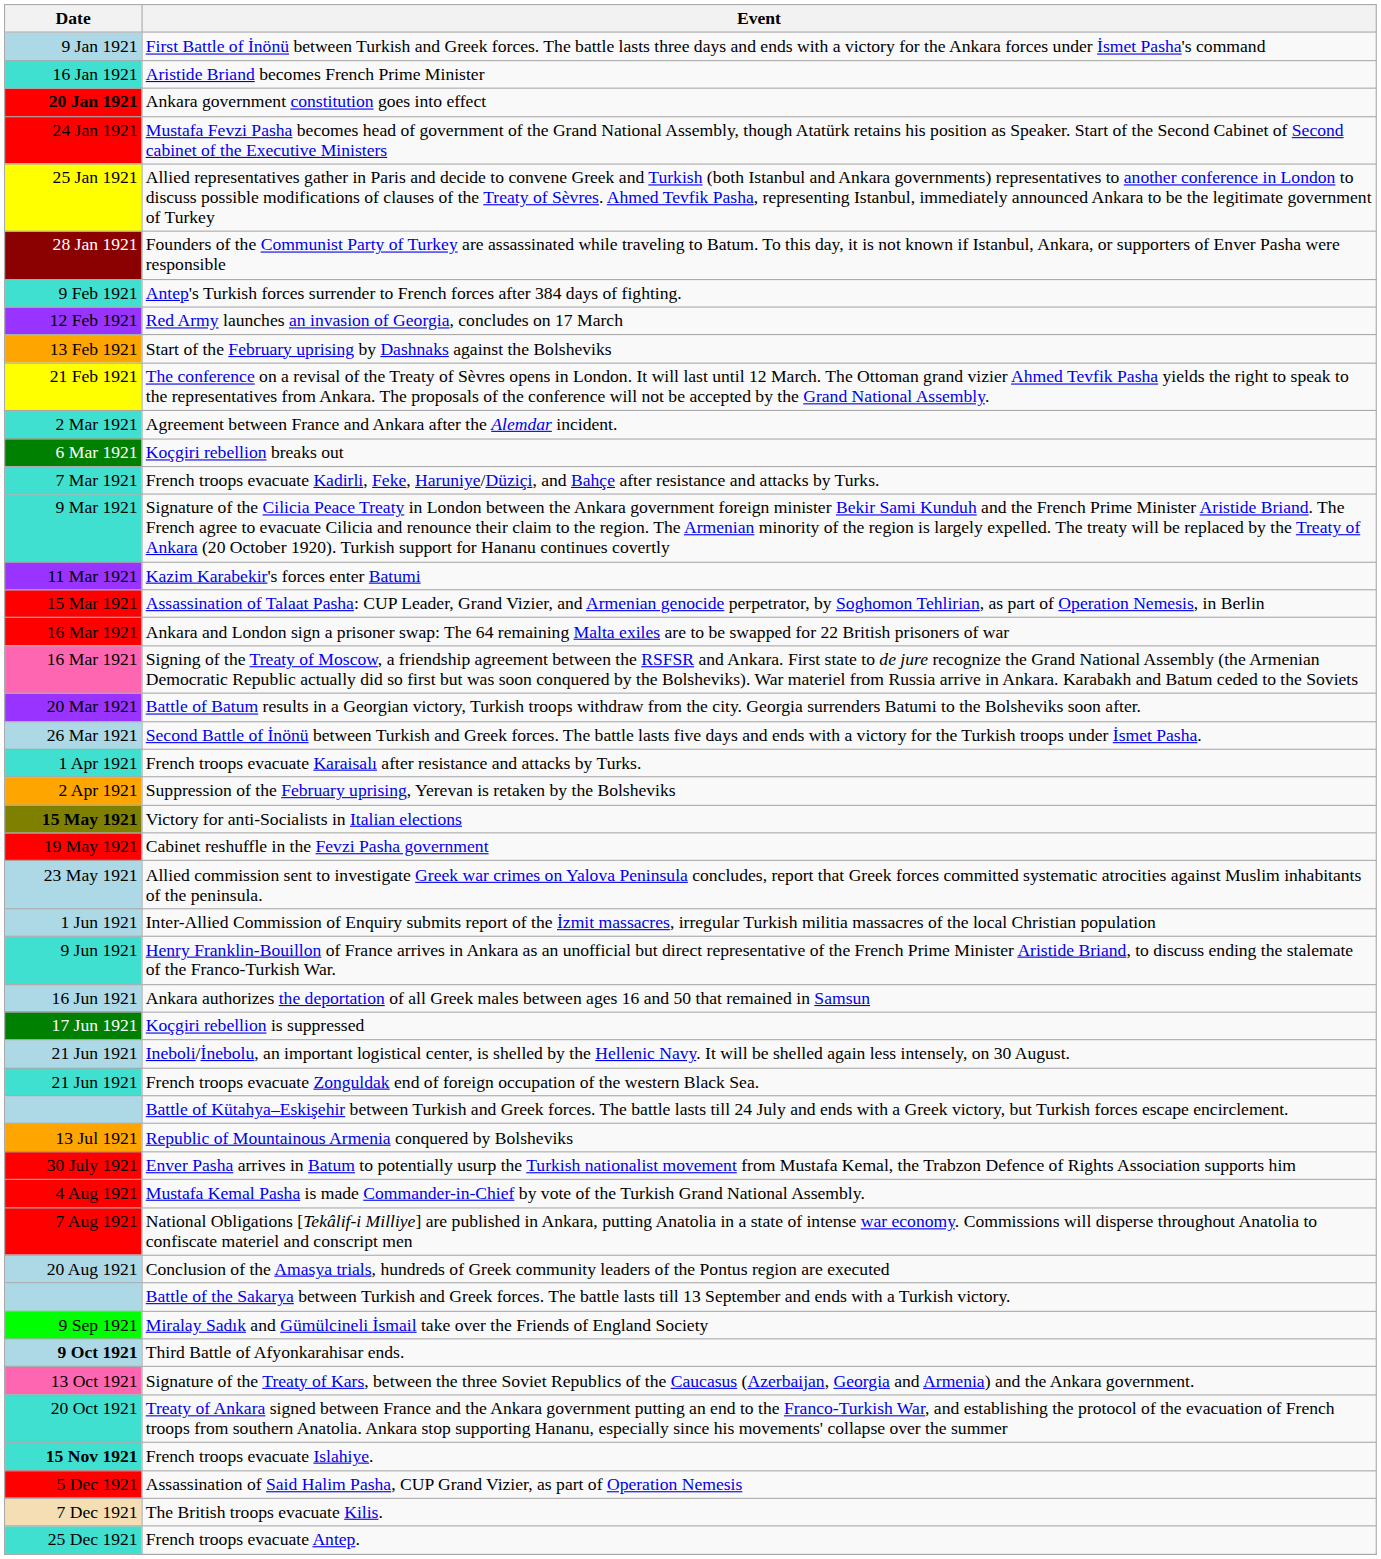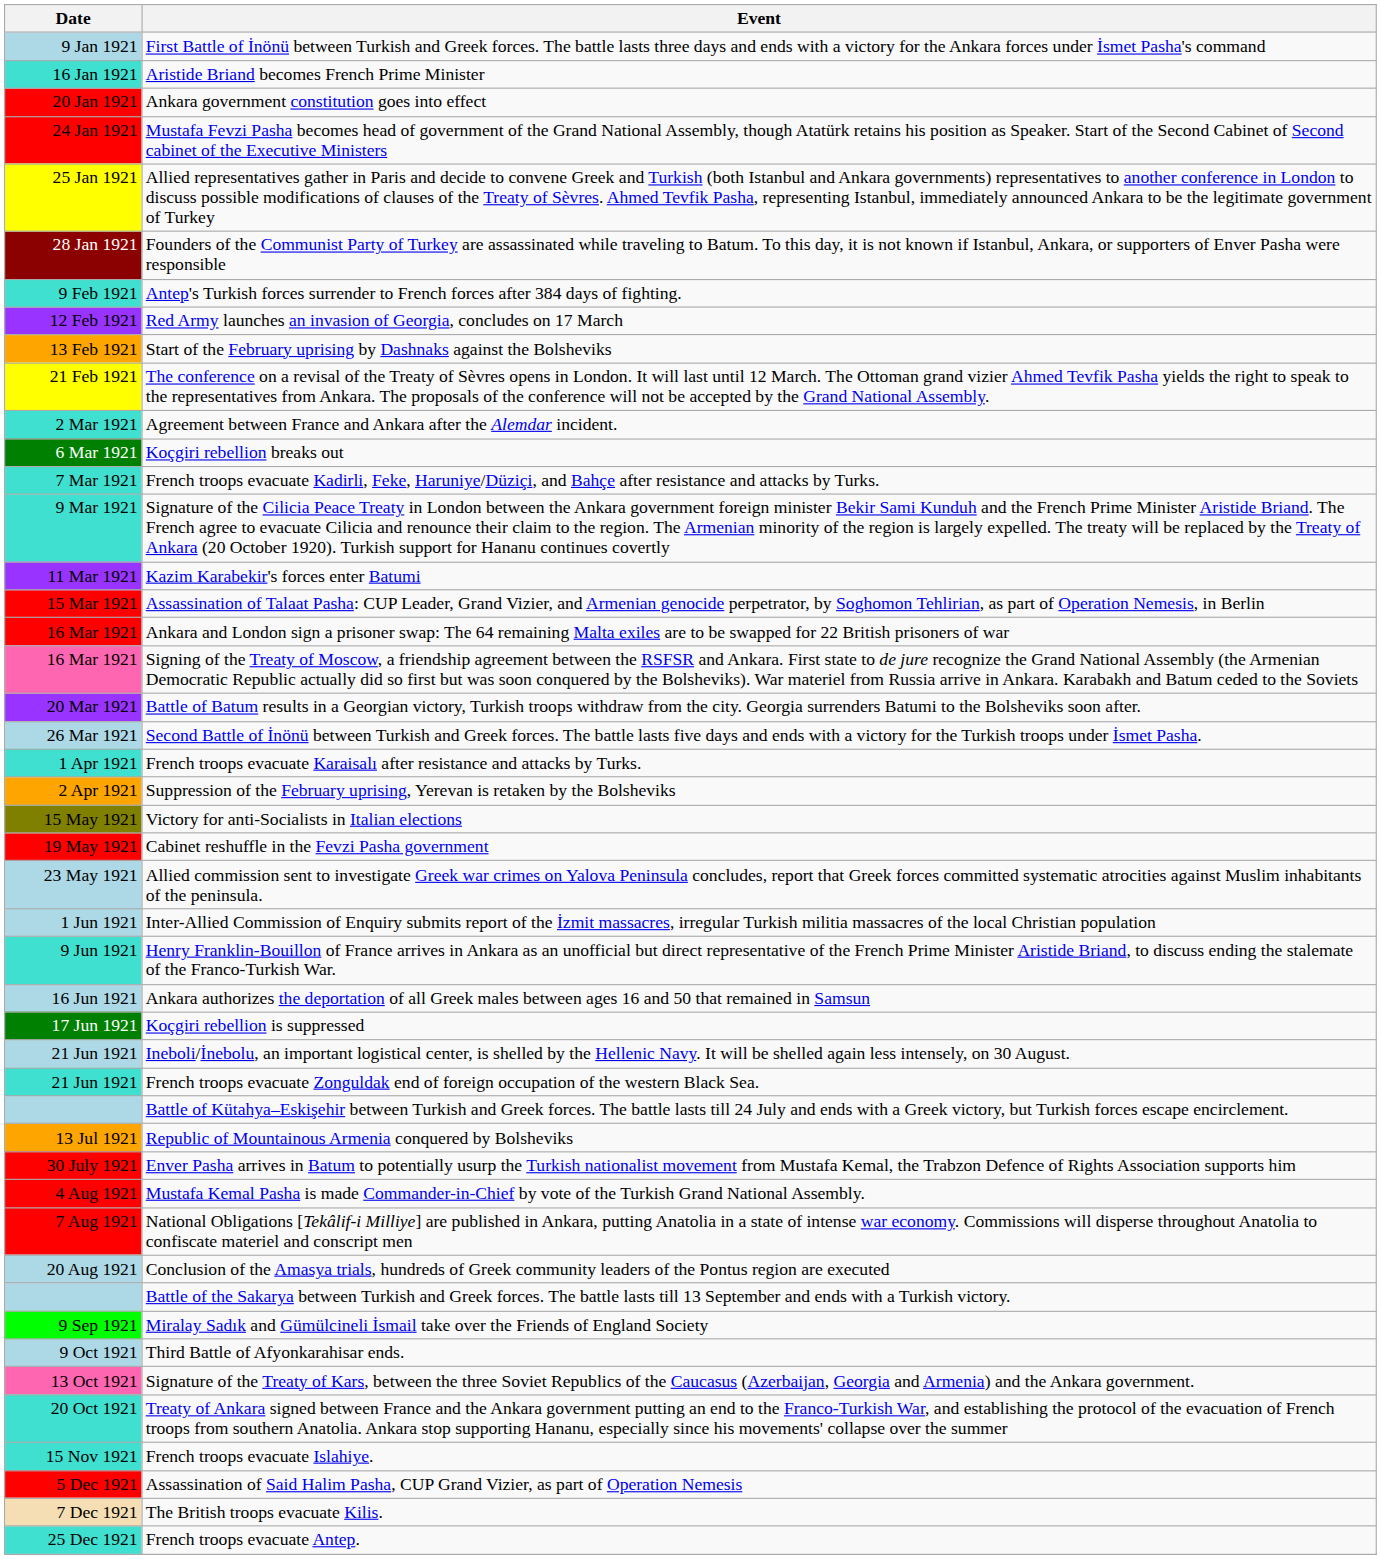 <table class="wikitable">
 <tr>
 <th width="10%">Date</th>
 <th>Event</th>
 </tr>
 <tr>
 <td valign="top" align="right" style="background:Lightblue">9 Jan 1921</td>
 <td><a href='#'>First Battle of İnönü</a> between Turkish and Greek forces. The battle lasts three days and ends with a victory for the Ankara forces under <a href='#'>İsmet Pasha</a>'s command</td>
 </tr>
 <tr>
 <td valign="top" align="right" style="background:Turquoise">16 Jan 1921</td>
 <td><a href='#'>Aristide Briand</a> becomes French Prime Minister</td>
 </tr>
 <tr>
-<td valign="top" align="right" style="background:Red"><strong>20 Jan 1921</strong></td>
+<td valign="top" align="right" style="background:Red">20 Jan 1921</td>
 <td>Ankara government <a href='#'>constitution</a> goes into effect</td>
 </tr>
 <tr>
 <td valign="top" align="right" style="background:red">24 Jan 1921</td>
 <td><a href='#'>Mustafa Fevzi Pasha</a> becomes head of government of the Grand National Assembly, though Atatürk retains his position as Speaker. Start of the Second Cabinet of <a href='#'>Second cabinet of the Executive Ministers</a></td>
 </tr>
 <tr>
 <td valign="top" align="right" style="background:Yellow">25 Jan 1921</td>
 <td>Allied representatives gather in Paris and decide to convene Greek and <a href='#'>Turkish</a> (both Istanbul and Ankara governments) representatives to <a href='#'>another conference in London</a> to discuss possible modifications of clauses of the <a href='#'>Treaty of Sèvres</a>. <a href='#'>Ahmed Tevfik Pasha</a>, representing Istanbul, immediately announced Ankara to be the  legitimate government of Turkey</td>
 </tr>
 <tr>
 <td valign="top" align="right" style="background:Darkred; color: white;">28 Jan 1921</td>
 <td>Founders of the <a href='#'>Communist Party of Turkey</a> are assassinated while traveling to Batum. To this day, it is not known if Istanbul, Ankara, or supporters of Enver Pasha were responsible</td>
 </tr>
 <tr>
 <td valign="top" align="right" style="background:Turquoise">9 Feb 1921</td>
 <td><a href='#'>Antep</a>'s Turkish forces surrender to French forces after 384 days of fighting.</td>
 </tr>
 <tr>
 <td valign="top" align="right" style="background:#9933FF">12 Feb 1921</td>
 <td><a href='#'>Red Army</a> launches <a href='#'>an invasion of Georgia</a>, concludes on 17 March</td>
 </tr>
 <tr>
 <td valign="top" align="right" style="background:orange">13 Feb 1921</td>
 <td>Start of the <a href='#'>February uprising</a> by <a href='#'>Dashnaks</a> against the Bolsheviks</td>
 </tr>
 <tr>
 <td valign="top" align="right" style="background:Yellow">21 Feb 1921</td>
 <td><a href='#'>The conference</a> on a revisal of the Treaty of Sèvres opens in London. It will last until 12 March. The Ottoman grand vizier <a href='#'>Ahmed Tevfik Pasha</a> yields the right to speak to the representatives from Ankara. The proposals of the conference will not be accepted by the <a href='#'>Grand National Assembly</a>.</td>
 </tr>
 <tr>
 <td valign="top" align="right" style="background:Turquoise">2 Mar 1921</td>
 <td>Agreement between France and Ankara after the <a href='#'><em>Alemdar</em></a> incident.</td>
 </tr>
 <tr>
 <td valign="top" align="right" style="background:Green; color: white;">6 Mar 1921</td>
 <td><a href='#'>Koçgiri rebellion</a> breaks out</td>
 </tr>
 <tr>
 <td valign="top" align="right" style="background:Turquoise">7 Mar 1921</td>
 <td>French troops evacuate <a href='#'>Kadirli</a>, <a href='#'>Feke</a>, <a href='#'>Haruniye</a>/<a href='#'>Düziçi</a>, and <a href='#'>Bahçe</a> after resistance and attacks by Turks.</td>
 </tr>
 <tr>
 <td valign="top" align="right" style="background:Turquoise">9 Mar 1921</td>
 <td>Signature of the <a href='#'>Cilicia Peace Treaty</a> in London between the Ankara government foreign minister <a href='#'>Bekir Sami Kunduh</a> and the French Prime Minister <a href='#'>Aristide Briand</a>. The French agree to evacuate Cilicia and renounce their claim to the region. The <a href='#'>Armenian</a> minority of the region is largely expelled. The treaty will be replaced by the <a href='#'>Treaty of Ankara</a> (20 October 1920). Turkish support for Hananu continues covertly</td>
 </tr>
 <tr>
 <td valign="top" align="right" style="background:#9933FF">11 Mar 1921</td>
 <td><a href='#'>Kazim Karabekir</a>'s forces enter <a href='#'>Batumi</a></td>
 </tr>
 <tr>
 <td valign="top" align="right" style="background:Red">15 Mar 1921</td>
 <td><a href='#'>Assassination of Talaat Pasha</a>: CUP Leader, Grand Vizier, and <a href='#'>Armenian genocide</a> perpetrator, by <a href='#'>Soghomon Tehlirian</a>, as part of <a href='#'>Operation Nemesis</a>, in Berlin</td>
 </tr>
 <tr>
 <td valign="top" align="right" style="background:Red">16 Mar 1921</td>
 <td>Ankara and London sign a prisoner swap: The 64 remaining <a href='#'>Malta exiles</a> are to be swapped for 22 British prisoners of war</td>
 </tr>
 <tr>
 <td valign="top" align="right" style="background:#FF66B2">16 Mar 1921</td>
 <td>Signing of the <a href='#'>Treaty of Moscow</a>, a friendship agreement between the <a href='#'>RSFSR</a> and Ankara. First state to <em>de jure</em> recognize the Grand National Assembly (the Armenian Democratic Republic actually did so first but was soon conquered by the Bolsheviks). War materiel from Russia arrive in Ankara. Karabakh and Batum ceded to the Soviets</td>
 </tr>
 <tr>
 <td valign="top" align="right" style="background:#9933FF">20 Mar 1921</td>
 <td><a href='#'>Battle of Batum</a> results in a Georgian victory, Turkish troops withdraw from the city. Georgia surrenders Batumi to the Bolsheviks soon after.</td>
 </tr>
 <tr>
 <td valign="top" align="right" style="background:Lightblue">26 Mar 1921</td>
 <td><a href='#'>Second Battle of İnönü</a> between Turkish and Greek forces. The battle lasts five days and ends with a victory for the Turkish troops under <a href='#'>İsmet Pasha</a>.</td>
 </tr>
 <tr>
 <td valign="top" align="right" style="background:Turquoise">1 Apr 1921</td>
 <td>French troops evacuate <a href='#'>Karaisalı</a> after resistance and attacks by Turks.</td>
 </tr>
 <tr>
 <td valign="top" align="right" style="background:orange">2 Apr 1921</td>
 <td>Suppression of the <a href='#'>February uprising</a>, Yerevan is retaken by the Bolsheviks</td>
 </tr>
 <tr>
-<td valign="top" align="right" style="background:Olive"><strong>15 May 1921</strong></td>
+<td valign="top" align="right" style="background:Olive">15 May 1921</td>
 <td>Victory for anti-Socialists in <a href='#'>Italian elections</a></td>
 </tr>
 <tr>
 <td valign="top" align="right" style="background:red">19 May 1921</td>
 <td>Cabinet reshuffle in the <a href='#'>Fevzi Pasha government</a></td>
 </tr>
 <tr>
 <td valign="top" align="right" style="background:Lightblue">23 May 1921</td>
 <td>Allied commission sent to investigate <a href='#'>Greek war crimes on Yalova Peninsula</a> concludes, report that Greek forces committed systematic atrocities against Muslim inhabitants of the peninsula.</td>
 </tr>
 <tr>
 <td valign="top" align="right" style="background:Lightblue">1 Jun 1921</td>
 <td>Inter-Allied Commission of Enquiry submits report of the <a href='#'>İzmit massacres</a>, irregular Turkish militia massacres of the local Christian population</td>
 </tr>
 <tr>
 <td valign="top" align="right" style="background:Turquoise">9 Jun 1921</td>
 <td><a href='#'>Henry Franklin-Bouillon</a> of France arrives in Ankara as an unofficial but direct representative of the French Prime Minister <a href='#'>Aristide Briand</a>, to discuss ending the stalemate of the Franco-Turkish War.</td>
 </tr>
 <tr>
 <td valign="top" align="right" style="background:Lightblue">16 Jun 1921</td>
 <td>Ankara authorizes <a href='#'>the deportation</a> of all Greek males between ages 16 and 50 that remained in <a href='#'>Samsun</a></td>
 </tr>
 <tr>
 <td valign="top" align="right" style="background:Green; color: White;">17 Jun 1921</td>
 <td><a href='#'>Koçgiri rebellion</a> is suppressed</td>
 </tr>
 <tr>
 <td valign="top" align="right" style="background:Lightblue">21 Jun 1921</td>
 <td><a href='#'>Ineboli</a>/<a href='#'>İnebolu</a>, an important logistical center, is shelled by the <a href='#'>Hellenic Navy</a>. It will be shelled again less intensely, on 30 August.</td>
 </tr>
 <tr>
 <td valign="top" align="right" style="background:Turquoise">21 Jun 1921</td>
 <td>French troops evacuate <a href='#'>Zonguldak</a> end of foreign occupation of the western Black Sea.</td>
 </tr>
 <tr>
 <td valign="top" align="right" style="background:Lightblue"></td>
 <td><a href='#'>Battle of Kütahya–Eskişehir</a> between Turkish and Greek forces. The battle lasts till 24 July and ends with a Greek victory, but Turkish forces escape encirclement.</td>
 </tr>
 <tr>
 <td valign="top" align="right" style="background:Orange">13 Jul 1921</td>
 <td><a href='#'>Republic of Mountainous Armenia</a> conquered by Bolsheviks</td>
 </tr>
 <tr>
 <td valign="top" align="right" style="background:Red">30 July 1921</td>
 <td><a href='#'>Enver Pasha</a> arrives in <a href='#'>Batum</a> to potentially usurp the <a href='#'>Turkish nationalist movement</a> from Mustafa Kemal, the Trabzon Defence of Rights Association supports him</td>
 </tr>
 <tr>
 <td valign="top" align="right" style="background:Red">4 Aug 1921</td>
 <td><a href='#'>Mustafa Kemal Pasha</a> is made <a href='#'>Commander-in-Chief</a> by vote of the Turkish Grand National Assembly.</td>
 </tr>
 <tr>
 <td valign="top" align="right" style="background:Red">7 Aug 1921</td>
 <td>National Obligations [<em>Tekâlif-i Milliye</em>] are published in Ankara, putting Anatolia in a state of intense <a href='#'>war economy</a>. Commissions will disperse throughout Anatolia to confiscate materiel and conscript men</td>
 </tr>
 <tr>
 <td valign="top" align="right" style="background:Lightblue">20 Aug 1921</td>
 <td>Conclusion of the <a href='#'>Amasya trials</a>, hundreds of Greek community leaders of the Pontus region are executed</td>
 </tr>
 <tr>
 <td valign="top" align="right" style="background:Lightblue"></td>
 <td><a href='#'>Battle of the Sakarya</a> between Turkish and Greek forces. The battle lasts till 13 September and ends with a Turkish victory.</td>
 </tr>
 <tr>
 <td valign="top" align="right" style="background:Lime">9 Sep 1921</td>
 <td><a href='#'>Miralay Sadık</a> and <a href='#'>Gümülcineli İsmail</a> take over the Friends of England Society</td>
 </tr>
 <tr>
-<td valign="top" align="right" style="background:Lightblue"><strong>9 Oct 1921</strong></td>
+<td valign="top" align="right" style="background:Lightblue">9 Oct 1921</td>
 <td>Third Battle of Afyonkarahisar ends.</td>
 </tr>
 <tr>
 <td valign="top" align="right" style="background:#FF66B2">13 Oct 1921</td>
 <td>Signature of the <a href='#'>Treaty of Kars</a>, between the three Soviet Republics of the <a href='#'>Caucasus</a> (<a href='#'>Azerbaijan</a>, <a href='#'>Georgia</a> and <a href='#'>Armenia</a>) and the Ankara government.</td>
 </tr>
 <tr>
 <td valign="top" align="right" style="background:Turquoise">20 Oct 1921</td>
 <td><a href='#'>Treaty of Ankara</a> signed between France and the Ankara government putting an end to the <a href='#'>Franco-Turkish War</a>, and establishing the protocol of the evacuation of French troops from southern Anatolia. Ankara stop supporting Hananu, especially since his movements' collapse over the summer</td>
 </tr>
 <tr>
-<td valign="top" align="right" style="background:Turquoise"><strong>15 Nov 1921</strong></td>
+<td valign="top" align="right" style="background:Turquoise">15 Nov 1921</td>
 <td>French troops evacuate <a href='#'>Islahiye</a>.</td>
 </tr>
 <tr>
 <td valign="top" align="right" style="background:Red">5 Dec 1921</td>
 <td>Assassination of <a href='#'>Said Halim Pasha</a>, CUP Grand Vizier, as part of <a href='#'>Operation Nemesis</a></td>
 </tr>
 <tr>
 <td valign="top" align="right" style="background:Wheat">7 Dec 1921</td>
 <td>The British troops evacuate <a href='#'>Kilis</a>.</td>
 </tr>
 <tr>
 <td valign="top" align="right" style="background:Turquoise">25 Dec 1921</td>
 <td>French troops evacuate <a href='#'>Antep</a>.</td>
 </tr>
 <tr>
 </tr>
 </table>
